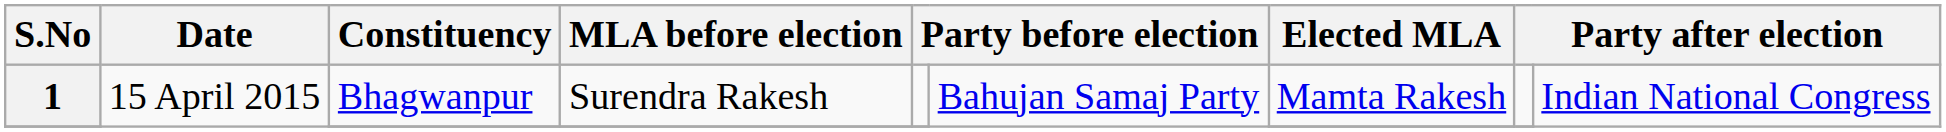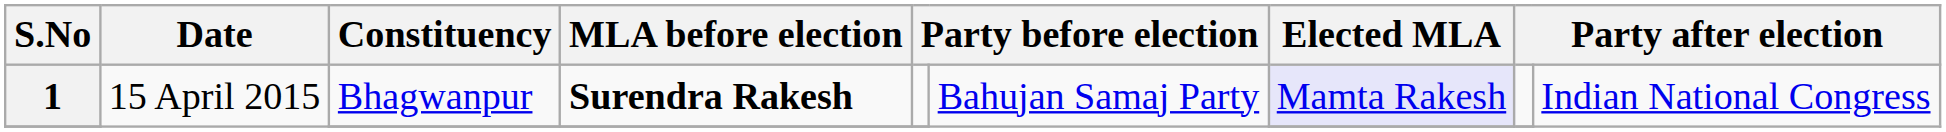 <table class="wikitable sortable">
 <tr>
 <th>S.No</th>
 <th>Date</th>
 <th>Constituency</th>
 <th>MLA before election</th>
 <th colspan="2">Party before election</th>
 <th>Elected MLA</th>
 <th colspan="2">Party after election</th>
 </tr>
 <tr>
 <th>1</th>
 <td rowspan="3">15 April 2015</td>
 <td><a href='#'>Bhagwanpur</a></td>
-<td>Surendra Rakesh</td>
+<td><strong>Surendra Rakesh</strong></td>
 <td></td>
 <td rowspan="2"><a href='#'>Bahujan Samaj Party</a></td>
-<td><a href='#'>Mamta Rakesh</a></td>
+<td style="background: lavender;"><a href='#'>Mamta Rakesh</a></td>
 <td></td>
 <td rowspan="3"><a href='#'>Indian National Congress</a></td>
 </tr>
 <tr>
 </tr>
 </table>
